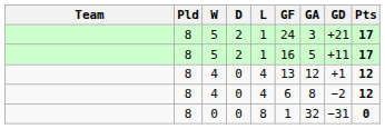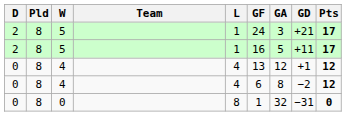 <table class="wikitable" style="text-align: center;">
 <tr>
-<th width="175">Team</th>
+<th width="20">D</th>
 <th width="20">Pld</th>
 <th width="20">W</th>
-<th width="20">D</th>
+<th width="175">Team</th>
 <th width="20">L</th>
 <th width="20">GF</th>
 <th width="20">GA</th>
 <th width="20">GD</th>
 <th width="20">Pts</th>
 </tr>
 <tr bgcolor="#ccffcc">
-<td align="left"></td>
+<td>2</td>
 <td>8</td>
 <td>5</td>
-<td>2</td>
+<td align="left"></td>
 <td>1</td>
 <td>24</td>
 <td>3</td>
 <td>+21</td>
 <td><strong>17</strong></td>
 </tr>
 <tr bgcolor="#ccffcc">
-<td align="left"></td>
+<td>2</td>
 <td>8</td>
 <td>5</td>
-<td>2</td>
+<td align="left"></td>
 <td>1</td>
 <td>16</td>
 <td>5</td>
 <td>+11</td>
 <td><strong>17</strong></td>
 </tr>
 <tr>
-<td align="left"></td>
+<td>0</td>
 <td>8</td>
 <td>4</td>
-<td>0</td>
+<td align="left"></td>
 <td>4</td>
 <td>13</td>
 <td>12</td>
 <td>+1</td>
 <td><strong>12</strong></td>
 </tr>
 <tr>
-<td align="left"></td>
+<td>0</td>
 <td>8</td>
 <td>4</td>
-<td>0</td>
+<td align="left"></td>
 <td>4</td>
 <td>6</td>
 <td>8</td>
 <td>−2</td>
 <td><strong>12</strong></td>
 </tr>
 <tr>
-<td align="left"></td>
+<td>0</td>
 <td>8</td>
 <td>0</td>
-<td>0</td>
+<td align="left"></td>
 <td>8</td>
 <td>1</td>
 <td>32</td>
 <td>−31</td>
 <td><strong>0</strong></td>
 </tr>
 </table>
